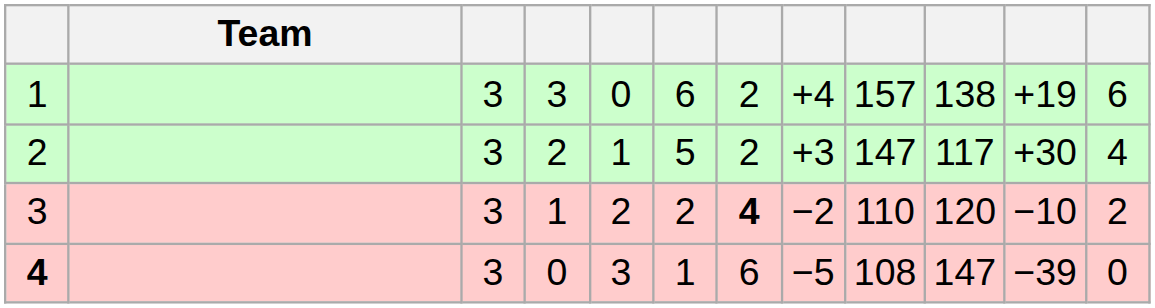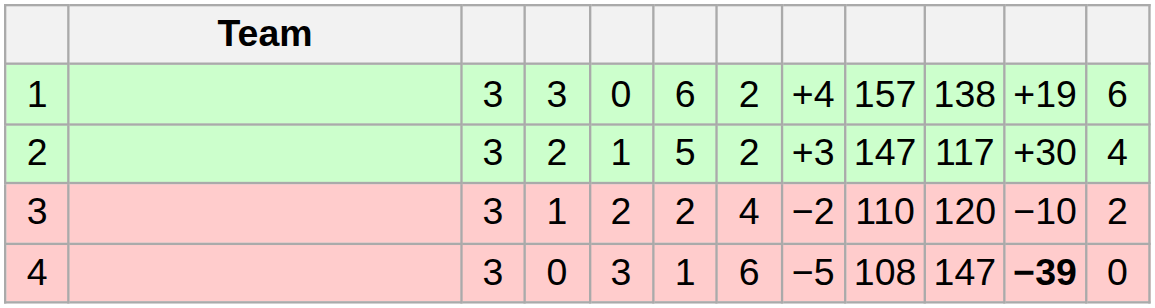 <table class=wikitable style="text-align: center;">
 <tr>
 <th style="width: 20px;"></th>
 <th style="width: 160px;">Team</th>
 <th style="width: 20px;"></th>
 <th style="width: 20px;"></th>
 <th style="width: 20px;"></th>
 <th style="width: 20px;"></th>
 <th style="width: 20px;"></th>
 <th style="width: 20px;"></th>
 <th style="width: 20px;"></th>
 <th style="width: 20px;"></th>
 <th style="width: 20px;"></th>
 <th style="width: 20px;"></th>
 </tr>
 <tr style="background: #CCFFCC;">
 <td>1</td>
 <td style="text-align: left;"></td>
 <td>3</td>
 <td>3</td>
 <td>0</td>
 <td>6</td>
 <td>2</td>
 <td>+4</td>
 <td>157</td>
 <td>138</td>
 <td>+19</td>
 <td>6</td>
 </tr>
 <tr style="background: #CCFFCC;">
 <td>2</td>
 <td style="text-align: left;"></td>
 <td>3</td>
 <td>2</td>
 <td>1</td>
 <td>5</td>
 <td>2</td>
 <td>+3</td>
 <td>147</td>
 <td>117</td>
 <td>+30</td>
 <td>4</td>
 </tr>
 <tr style="background: #FFCCCC;">
 <td>3</td>
 <td style="text-align: left;"></td>
 <td>3</td>
 <td>1</td>
 <td>2</td>
 <td>2</td>
-<td><strong>4</strong></td>
+<td>4</td>
 <td>−2</td>
 <td>110</td>
 <td>120</td>
 <td>−10</td>
 <td>2</td>
 </tr>
 <tr style="background: #FFCCCC;">
-<td><strong>4</strong></td>
+<td>4</td>
 <td style="text-align: left;"></td>
 <td>3</td>
 <td>0</td>
 <td>3</td>
 <td>1</td>
 <td>6</td>
 <td>−5</td>
 <td>108</td>
 <td>147</td>
-<td>−39</td>
+<td><strong>−39</strong></td>
 <td>0</td>
 </tr>
 </table>
